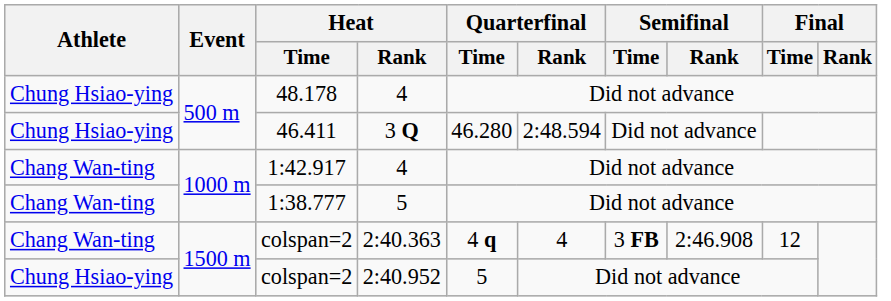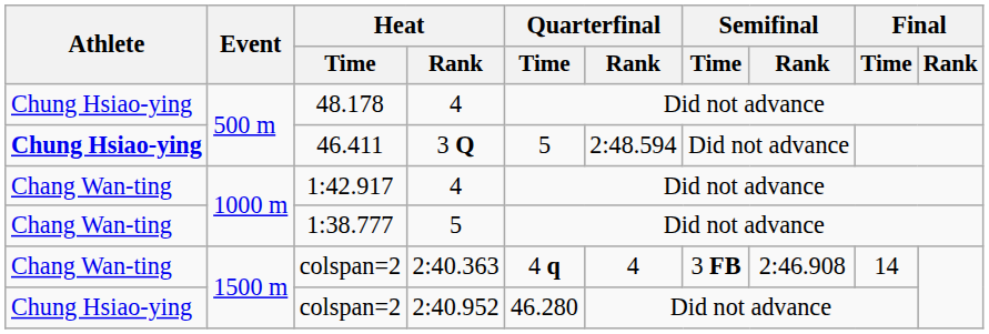 <table class="wikitable" style="font-size:90%">
 <tr>
 <th rowspan=2>Athlete</th>
 <th rowspan=2>Event</th>
 <th colspan=2>Heat</th>
 <th colspan=2>Quarterfinal</th>
 <th colspan=2>Semifinal</th>
 <th colspan=2>Final</th>
 </tr>
 <tr style="font-size:95%">
 <th>Time</th>
 <th>Rank</th>
 <th>Time</th>
 <th>Rank</th>
 <th>Time</th>
 <th>Rank</th>
 <th>Time</th>
 <th>Rank</th>
 </tr>
 <tr align=center>
 <td align=left><a href='#'>Chung Hsiao-ying</a></td>
 <td align=left rowspan=2><a href='#'>500 m</a></td>
 <td>48.178</td>
 <td>4</td>
 <td colspan=6>Did not advance</td>
 </tr>
 <tr align=center>
-<td align=left><a href='#'>Chung Hsiao-ying</a></td>
+<td align=left><strong><a href='#'>Chung Hsiao-ying</a></strong></td>
 <td>46.411</td>
 <td>3 <strong>Q</strong></td>
-<td>46.280</td>
+<td>5</td>
 <td>2:48.594</td>
 <td colspan=2>Did not advance</td>
 </tr>
 <tr align=center>
 <td align=left><a href='#'>Chang Wan-ting</a></td>
 <td align=left rowspan=2><a href='#'>1000 m</a></td>
 <td>1:42.917</td>
 <td>4</td>
 <td colspan=6>Did not advance</td>
 </tr>
 <tr align=center>
 <td align=left><a href='#'>Chang Wan-ting</a></td>
 <td>1:38.777</td>
 <td>5</td>
 <td colspan=6>Did not advance</td>
 </tr>
 <tr align=center>
 <td align=left><a href='#'>Chang Wan-ting</a></td>
 <td align=left rowspan=2><a href='#'>1500 m</a></td>
 <td>colspan=2 </td>
 <td>2:40.363</td>
 <td>4 <strong>q</strong></td>
 <td>4</td>
 <td>3 <strong>FB</strong></td>
 <td>2:46.908</td>
-<td>12</td>
+<td>14</td>
 </tr>
 <tr align=center>
 <td align=left><a href='#'>Chung Hsiao-ying</a></td>
 <td>colspan=2 </td>
 <td>2:40.952</td>
-<td>5</td>
+<td>46.280</td>
 <td colspan=4>Did not advance</td>
 </tr>
 </table>
